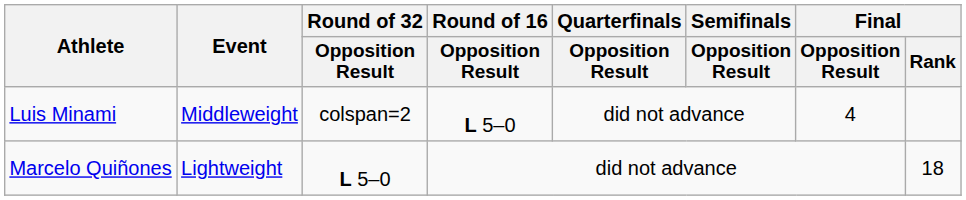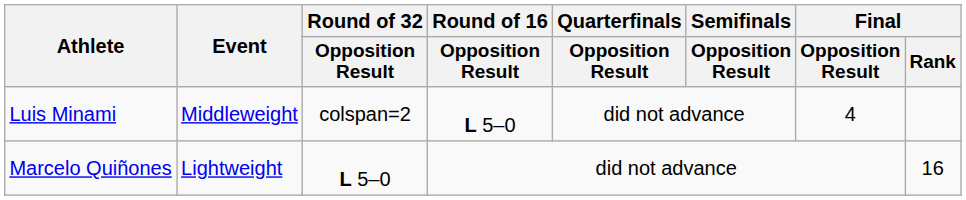 <table class="wikitable" style="font-size:90%;">
 <tr>
 <th rowspan=2>Athlete</th>
 <th rowspan=2>Event</th>
 <th>Round of 32</th>
 <th>Round of 16</th>
 <th>Quarterfinals</th>
 <th>Semifinals</th>
 <th colspan=2>Final</th>
 </tr>
 <tr style="font-size:95%">
 <th>Opposition<br>Result</th>
 <th>Opposition<br>Result</th>
 <th>Opposition<br>Result</th>
 <th>Opposition<br>Result</th>
 <th>Opposition<br>Result</th>
 <th>Rank</th>
 </tr>
 <tr align=center>
 <td align=left><a href='#'>Luis Minami</a></td>
 <td align=left><a href='#'>Middleweight</a></td>
 <td>colspan=2 </td>
 <td><br><strong>L</strong> 5–0</td>
 <td colspan=2>did not advance</td>
 <td>4</td>
 </tr>
 <tr align=center>
 <td align=left><a href='#'>Marcelo Quiñones</a></td>
 <td align=left><a href='#'>Lightweight</a></td>
 <td><br><strong>L</strong> 5–0</td>
 <td colspan=4>did not advance</td>
-<td>18</td>
+<td>16</td>
 </tr>
 </table>
